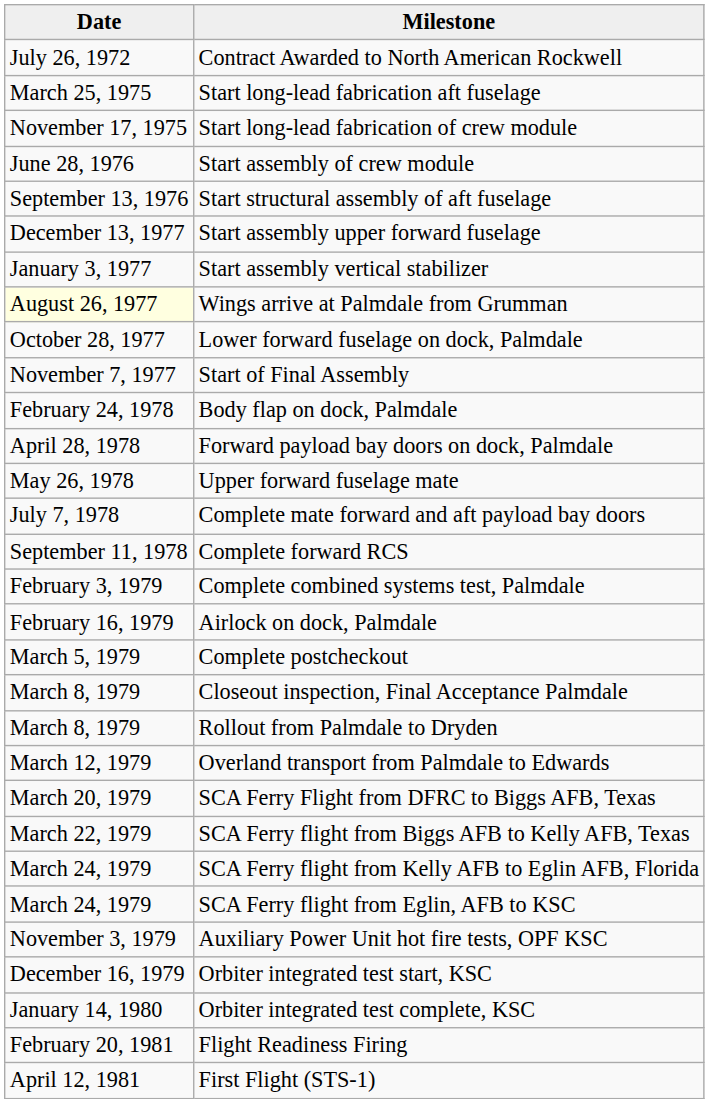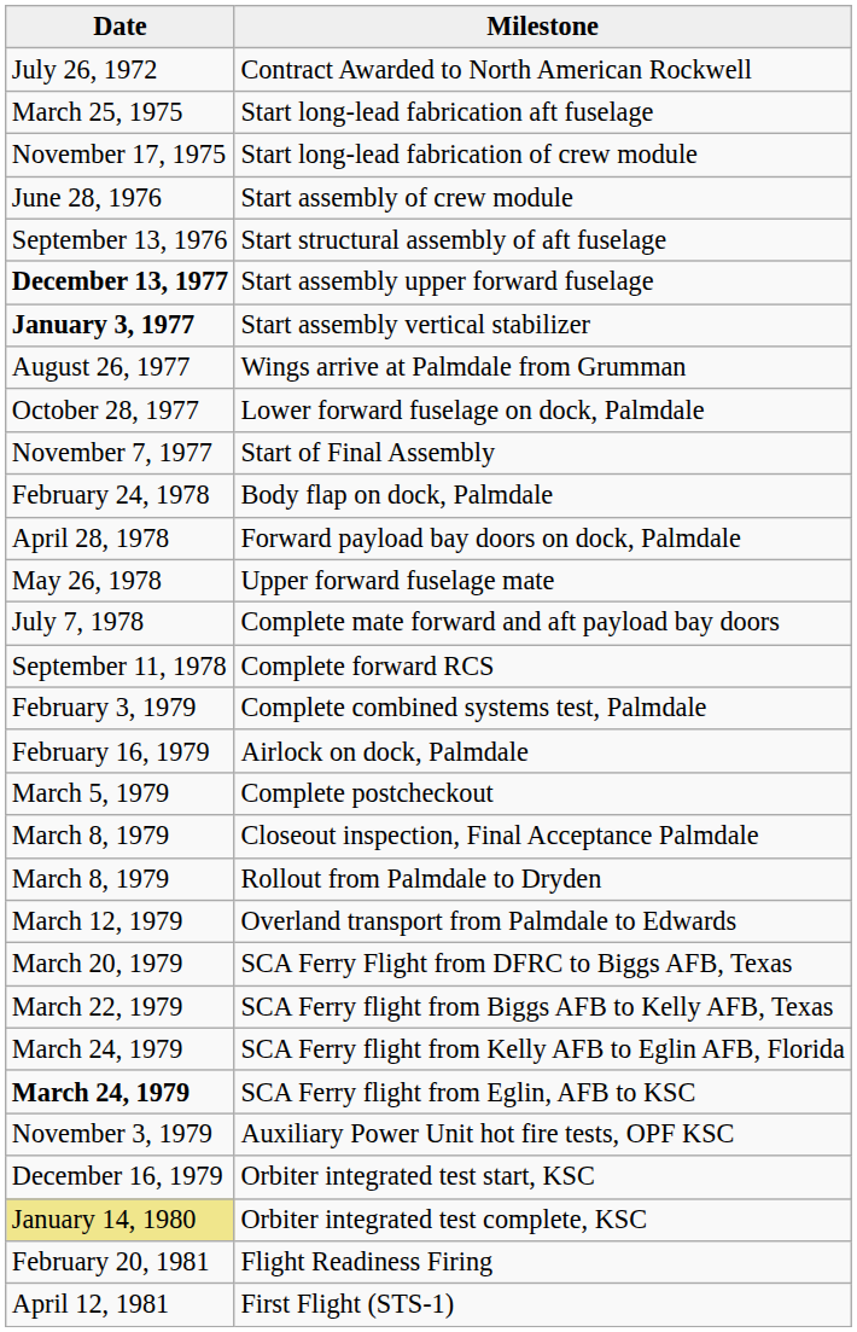 <table class="wikitable">
 <tr>
 <th style="background:#efefef;">Date</th>
 <th style="background:#efefef;">Milestone</th>
 </tr>
 <tr>
 <td>July 26, 1972</td>
 <td>Contract Awarded to North American Rockwell</td>
 </tr>
 <tr>
 <td>March 25, 1975</td>
 <td>Start long-lead fabrication aft fuselage</td>
 </tr>
 <tr>
 <td>November 17, 1975</td>
 <td>Start long-lead fabrication of crew module</td>
 </tr>
 <tr>
 <td>June 28, 1976</td>
 <td>Start assembly of crew module</td>
 </tr>
 <tr>
 <td>September 13, 1976</td>
 <td>Start structural assembly of aft fuselage</td>
 </tr>
 <tr>
-<td>December 13, 1977</td>
+<td><strong>December 13, 1977</strong></td>
 <td>Start assembly upper forward fuselage</td>
 </tr>
 <tr>
-<td>January 3, 1977</td>
+<td><strong>January 3, 1977</strong></td>
 <td>Start assembly vertical stabilizer</td>
 </tr>
 <tr>
-<td style="background: lightyellow;">August 26, 1977</td>
+<td>August 26, 1977</td>
 <td>Wings arrive at Palmdale from Grumman</td>
 </tr>
 <tr>
 <td>October 28, 1977</td>
 <td>Lower forward fuselage on dock, Palmdale</td>
 </tr>
 <tr>
 <td>November 7, 1977</td>
 <td>Start of Final Assembly</td>
 </tr>
 <tr>
 <td>February 24, 1978</td>
 <td>Body flap on dock, Palmdale</td>
 </tr>
 <tr>
 <td>April 28, 1978</td>
 <td>Forward payload bay doors on dock, Palmdale</td>
 </tr>
 <tr>
 <td>May 26, 1978</td>
 <td>Upper forward fuselage mate</td>
 </tr>
 <tr>
 <td>July 7, 1978</td>
 <td>Complete mate forward and aft payload bay doors</td>
 </tr>
 <tr>
 <td>September 11, 1978</td>
 <td>Complete forward RCS</td>
 </tr>
 <tr>
 <td>February 3, 1979</td>
 <td>Complete combined systems test, Palmdale</td>
 </tr>
 <tr>
 <td>February 16, 1979</td>
 <td>Airlock on dock, Palmdale</td>
 </tr>
 <tr>
 <td>March 5, 1979</td>
 <td>Complete postcheckout</td>
 </tr>
 <tr>
 <td>March 8, 1979</td>
 <td>Closeout inspection, Final Acceptance Palmdale</td>
 </tr>
 <tr>
 <td>March 8, 1979</td>
 <td>Rollout from Palmdale to Dryden</td>
 </tr>
 <tr>
 <td>March 12, 1979</td>
 <td>Overland transport from Palmdale to Edwards</td>
 </tr>
 <tr>
 <td>March 20, 1979</td>
 <td>SCA Ferry Flight from DFRC to Biggs AFB, Texas</td>
 </tr>
 <tr>
 <td>March 22, 1979</td>
 <td>SCA Ferry flight from Biggs AFB to Kelly AFB, Texas</td>
 </tr>
 <tr>
 <td>March 24, 1979</td>
 <td>SCA Ferry flight from Kelly AFB to Eglin AFB, Florida</td>
 </tr>
 <tr>
-<td>March 24, 1979</td>
+<td><strong>March 24, 1979</strong></td>
 <td>SCA Ferry flight from Eglin, AFB to KSC</td>
 </tr>
 <tr>
 <td>November 3, 1979</td>
 <td>Auxiliary Power Unit hot fire tests, OPF KSC</td>
 </tr>
 <tr>
 <td>December 16, 1979</td>
 <td>Orbiter integrated test start, KSC</td>
 </tr>
 <tr>
-<td>January 14, 1980</td>
+<td style="background: khaki;">January 14, 1980</td>
 <td>Orbiter integrated test complete, KSC</td>
 </tr>
 <tr>
 <td>February 20, 1981</td>
 <td>Flight Readiness Firing</td>
 </tr>
 <tr>
 <td>April 12, 1981</td>
 <td>First Flight (STS-1)</td>
 </tr>
 </table>
